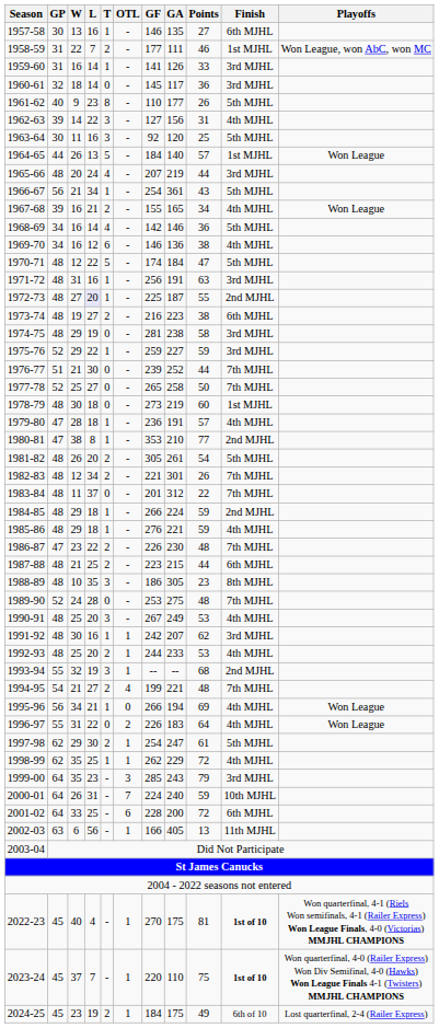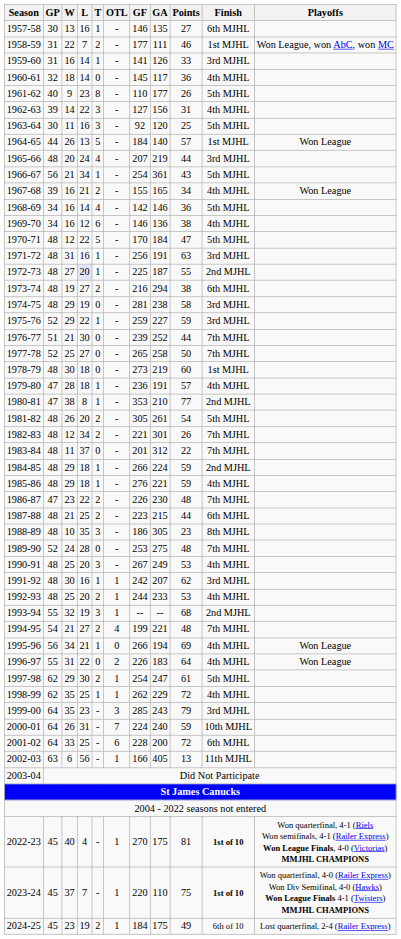 <table class="wikitable" style="text-align:center">
 <tr>
 <th>Season</th>
 <th>GP</th>
 <th>W</th>
 <th>L</th>
 <th>T</th>
 <th>OTL</th>
 <th>GF</th>
 <th>GA</th>
 <th>Points</th>
 <th>Finish</th>
 <th>Playoffs</th>
 </tr>
 <tr>
 <td>1957-58</td>
 <td>30</td>
 <td>13</td>
 <td>16</td>
 <td>1</td>
 <td>-</td>
 <td>146</td>
 <td>135</td>
 <td>27</td>
 <td>6th MJHL</td>
 <td></td>
 </tr>
 <tr>
 <td>1958-59</td>
 <td>31</td>
 <td>22</td>
 <td>7</td>
 <td>2</td>
 <td>-</td>
 <td>177</td>
 <td>111</td>
 <td>46</td>
 <td>1st MJHL</td>
 <td>Won League, won <a href='#'>AbC</a>, won <a href='#'>MC</a></td>
 </tr>
 <tr>
 <td>1959-60</td>
 <td>31</td>
 <td>16</td>
 <td>14</td>
 <td>1</td>
 <td>-</td>
 <td>141</td>
 <td>126</td>
 <td>33</td>
 <td>3rd MJHL</td>
 <td></td>
 </tr>
 <tr>
 <td>1960-61</td>
 <td>32</td>
 <td>18</td>
 <td>14</td>
 <td>0</td>
 <td>-</td>
 <td>145</td>
 <td>117</td>
 <td>36</td>
-<td>3rd MJHL</td>
+<td>4th MJHL</td>
 <td></td>
 </tr>
 <tr>
 <td>1961-62</td>
 <td>40</td>
 <td>9</td>
 <td>23</td>
 <td>8</td>
 <td>-</td>
 <td>110</td>
 <td>177</td>
 <td>26</td>
 <td>5th MJHL</td>
 <td></td>
 </tr>
 <tr>
 <td>1962-63</td>
 <td>39</td>
 <td>14</td>
 <td>22</td>
 <td>3</td>
 <td>-</td>
 <td>127</td>
 <td>156</td>
 <td>31</td>
 <td>4th MJHL</td>
 <td></td>
 </tr>
 <tr>
 <td>1963-64</td>
 <td>30</td>
 <td>11</td>
 <td>16</td>
 <td>3</td>
 <td>-</td>
 <td>92</td>
 <td>120</td>
 <td>25</td>
 <td>5th MJHL</td>
 <td></td>
 </tr>
 <tr>
 <td>1964-65</td>
 <td>44</td>
 <td>26</td>
 <td>13</td>
 <td>5</td>
 <td>-</td>
 <td>184</td>
 <td>140</td>
 <td>57</td>
 <td>1st MJHL</td>
 <td>Won League</td>
 </tr>
 <tr>
 <td>1965-66</td>
 <td>48</td>
 <td>20</td>
 <td>24</td>
 <td>4</td>
 <td>-</td>
 <td>207</td>
 <td>219</td>
 <td>44</td>
 <td>3rd MJHL</td>
 <td></td>
 </tr>
 <tr>
 <td>1966-67</td>
 <td>56</td>
 <td>21</td>
 <td>34</td>
 <td>1</td>
 <td>-</td>
 <td>254</td>
 <td>361</td>
 <td>43</td>
 <td>5th MJHL</td>
 <td></td>
 </tr>
 <tr>
 <td>1967-68</td>
 <td>39</td>
 <td>16</td>
 <td>21</td>
 <td>2</td>
 <td>-</td>
 <td>155</td>
 <td>165</td>
 <td>34</td>
 <td>4th MJHL</td>
 <td>Won League</td>
 </tr>
 <tr>
 <td>1968-69</td>
 <td>34</td>
 <td>16</td>
 <td>14</td>
 <td>4</td>
 <td>-</td>
 <td>142</td>
 <td>146</td>
 <td>36</td>
 <td>5th MJHL</td>
 <td></td>
 </tr>
 <tr>
 <td>1969-70</td>
 <td>34</td>
 <td>16</td>
 <td>12</td>
 <td>6</td>
 <td>-</td>
 <td>146</td>
 <td>136</td>
 <td>38</td>
 <td>4th MJHL</td>
 <td></td>
 </tr>
 <tr>
 <td>1970-71</td>
 <td>48</td>
 <td>12</td>
 <td>22</td>
 <td>5</td>
 <td>-</td>
-<td>174</td>
+<td>170</td>
 <td>184</td>
 <td>47</td>
 <td>5th MJHL</td>
 <td></td>
 </tr>
 <tr>
 <td>1971-72</td>
 <td>48</td>
 <td>31</td>
 <td>16</td>
 <td>1</td>
 <td>-</td>
 <td>256</td>
 <td>191</td>
 <td>63</td>
 <td>3rd MJHL</td>
 <td></td>
 </tr>
 <tr>
 <td>1972-73</td>
 <td>48</td>
 <td>27</td>
 <td style="background: lavender;">20</td>
 <td>1</td>
 <td>-</td>
 <td>225</td>
 <td>187</td>
 <td>55</td>
 <td>2nd MJHL</td>
 <td></td>
 </tr>
 <tr>
 <td>1973-74</td>
 <td>48</td>
 <td>19</td>
 <td>27</td>
 <td>2</td>
 <td>-</td>
 <td>216</td>
-<td>223</td>
+<td>294</td>
 <td>38</td>
 <td>6th MJHL</td>
 <td></td>
 </tr>
 <tr>
 <td>1974-75</td>
 <td>48</td>
 <td>29</td>
 <td>19</td>
 <td>0</td>
 <td>-</td>
 <td>281</td>
 <td>238</td>
 <td>58</td>
 <td>3rd MJHL</td>
 <td></td>
 </tr>
 <tr>
 <td>1975-76</td>
 <td>52</td>
 <td>29</td>
 <td>22</td>
 <td>1</td>
 <td>-</td>
 <td>259</td>
 <td>227</td>
 <td>59</td>
 <td>3rd MJHL</td>
 <td></td>
 </tr>
 <tr>
 <td>1976-77</td>
 <td>51</td>
 <td>21</td>
 <td>30</td>
 <td>0</td>
 <td>-</td>
 <td>239</td>
 <td>252</td>
 <td>44</td>
 <td>7th MJHL</td>
 <td></td>
 </tr>
 <tr>
 <td>1977-78</td>
 <td>52</td>
 <td>25</td>
 <td>27</td>
 <td>0</td>
 <td>-</td>
 <td>265</td>
 <td>258</td>
 <td>50</td>
 <td>7th MJHL</td>
 <td></td>
 </tr>
 <tr>
 <td>1978-79</td>
 <td>48</td>
 <td>30</td>
 <td>18</td>
 <td>0</td>
 <td>-</td>
 <td>273</td>
 <td>219</td>
 <td>60</td>
 <td>1st MJHL</td>
 <td></td>
 </tr>
 <tr>
 <td>1979-80</td>
 <td>47</td>
 <td>28</td>
 <td>18</td>
 <td>1</td>
 <td>-</td>
 <td>236</td>
 <td>191</td>
 <td>57</td>
 <td>4th MJHL</td>
 <td></td>
 </tr>
 <tr>
 <td>1980-81</td>
 <td>47</td>
 <td>38</td>
 <td>8</td>
 <td>1</td>
 <td>-</td>
 <td>353</td>
 <td>210</td>
 <td>77</td>
 <td>2nd MJHL</td>
 <td></td>
 </tr>
 <tr>
 <td>1981-82</td>
 <td>48</td>
 <td>26</td>
 <td>20</td>
 <td>2</td>
 <td>-</td>
 <td>305</td>
 <td>261</td>
 <td>54</td>
 <td>5th MJHL</td>
 <td></td>
 </tr>
 <tr>
 <td>1982-83</td>
 <td>48</td>
 <td>12</td>
 <td>34</td>
 <td>2</td>
 <td>-</td>
 <td>221</td>
 <td>301</td>
 <td>26</td>
 <td>7th MJHL</td>
 <td></td>
 </tr>
 <tr>
 <td>1983-84</td>
 <td>48</td>
 <td>11</td>
 <td>37</td>
 <td>0</td>
 <td>-</td>
 <td>201</td>
 <td>312</td>
 <td>22</td>
 <td>7th MJHL</td>
 <td></td>
 </tr>
 <tr>
 <td>1984-85</td>
 <td>48</td>
 <td>29</td>
 <td>18</td>
 <td>1</td>
 <td>-</td>
 <td>266</td>
 <td>224</td>
 <td>59</td>
 <td>2nd MJHL</td>
 <td></td>
 </tr>
 <tr>
 <td>1985-86</td>
 <td>48</td>
 <td>29</td>
 <td>18</td>
 <td>1</td>
 <td>-</td>
 <td>276</td>
 <td>221</td>
 <td>59</td>
 <td>4th MJHL</td>
 <td></td>
 </tr>
 <tr>
 <td>1986-87</td>
 <td>47</td>
 <td>23</td>
 <td>22</td>
 <td>2</td>
 <td>-</td>
 <td>226</td>
 <td>230</td>
 <td>48</td>
 <td>7th MJHL</td>
 <td></td>
 </tr>
 <tr>
 <td>1987-88</td>
 <td>48</td>
 <td>21</td>
 <td>25</td>
 <td>2</td>
 <td>-</td>
 <td>223</td>
 <td>215</td>
 <td>44</td>
 <td>6th MJHL</td>
 <td></td>
 </tr>
 <tr>
 <td>1988-89</td>
 <td>48</td>
 <td>10</td>
 <td>35</td>
 <td>3</td>
 <td>-</td>
 <td>186</td>
 <td>305</td>
 <td>23</td>
 <td>8th MJHL</td>
 <td></td>
 </tr>
 <tr>
 <td>1989-90</td>
 <td>52</td>
 <td>24</td>
 <td>28</td>
 <td>0</td>
 <td>-</td>
 <td>253</td>
 <td>275</td>
 <td>48</td>
 <td>7th MJHL</td>
 <td></td>
 </tr>
 <tr>
 <td>1990-91</td>
 <td>48</td>
 <td>25</td>
 <td>20</td>
 <td>3</td>
 <td>-</td>
 <td>267</td>
 <td>249</td>
 <td>53</td>
 <td>4th MJHL</td>
 <td></td>
 </tr>
 <tr>
 <td>1991-92</td>
 <td>48</td>
 <td>30</td>
 <td>16</td>
 <td>1</td>
 <td>1</td>
 <td>242</td>
 <td>207</td>
 <td>62</td>
 <td>3rd MJHL</td>
 <td></td>
 </tr>
 <tr>
 <td>1992-93</td>
 <td>48</td>
 <td>25</td>
 <td>20</td>
 <td>2</td>
 <td>1</td>
 <td>244</td>
 <td>233</td>
 <td>53</td>
 <td>4th MJHL</td>
 <td></td>
 </tr>
 <tr>
 <td>1993-94</td>
 <td>55</td>
 <td>32</td>
 <td>19</td>
 <td>3</td>
 <td>1</td>
 <td>--</td>
 <td>--</td>
 <td>68</td>
 <td>2nd MJHL</td>
 <td></td>
 </tr>
 <tr>
 <td>1994-95</td>
 <td>54</td>
 <td>21</td>
 <td>27</td>
 <td>2</td>
 <td>4</td>
 <td>199</td>
 <td>221</td>
 <td>48</td>
 <td>7th MJHL</td>
 <td></td>
 </tr>
 <tr>
 <td>1995-96</td>
 <td>56</td>
 <td>34</td>
 <td>21</td>
 <td>1</td>
 <td>0</td>
 <td>266</td>
 <td>194</td>
 <td>69</td>
 <td>4th MJHL</td>
 <td>Won League</td>
 </tr>
 <tr>
 <td>1996-97</td>
 <td>55</td>
 <td>31</td>
 <td>22</td>
 <td>0</td>
 <td>2</td>
 <td>226</td>
 <td>183</td>
 <td>64</td>
 <td>4th MJHL</td>
 <td>Won League</td>
 </tr>
 <tr>
 <td>1997-98</td>
 <td>62</td>
 <td>29</td>
 <td>30</td>
 <td>2</td>
 <td>1</td>
 <td>254</td>
 <td>247</td>
 <td>61</td>
 <td>5th MJHL</td>
 <td></td>
 </tr>
 <tr>
 <td>1998-99</td>
 <td>62</td>
 <td>35</td>
 <td>25</td>
 <td>1</td>
 <td>1</td>
 <td>262</td>
 <td>229</td>
 <td>72</td>
 <td>4th MJHL</td>
 <td></td>
 </tr>
 <tr>
 <td>1999-00</td>
 <td>64</td>
 <td>35</td>
 <td>23</td>
 <td>-</td>
 <td>3</td>
 <td>285</td>
 <td>243</td>
 <td>79</td>
 <td>3rd MJHL</td>
 <td></td>
 </tr>
 <tr>
 <td>2000-01</td>
 <td>64</td>
 <td>26</td>
 <td>31</td>
 <td>-</td>
 <td>7</td>
 <td>224</td>
 <td>240</td>
 <td>59</td>
 <td>10th MJHL</td>
 <td></td>
 </tr>
 <tr>
 <td>2001-02</td>
 <td>64</td>
 <td>33</td>
 <td>25</td>
 <td>-</td>
 <td>6</td>
 <td>228</td>
 <td>200</td>
 <td>72</td>
 <td>6th MJHL</td>
 <td></td>
 </tr>
 <tr>
 <td>2002-03</td>
 <td>63</td>
 <td>6</td>
 <td>56</td>
 <td>-</td>
 <td>1</td>
 <td>166</td>
 <td>405</td>
 <td>13</td>
 <td>11th MJHL</td>
 <td></td>
 </tr>
 <tr>
 <td>2003-04</td>
 <td colspan="11">Did Not Participate</td>
 </tr>
 <tr align="center" bgcolor="blue" style="color:white">
 <td colspan=11><strong>St James Canucks</strong></td>
 </tr>
 <tr>
 <td colspan=11>2004 - 2022 seasons not entered</td>
 </tr>
 <tr>
 <td>2022-23</td>
 <td>45</td>
 <td>40</td>
 <td>4</td>
 <td>-</td>
 <td>1</td>
 <td>270</td>
 <td>175</td>
 <td>81</td>
 <td><small><strong>1st of 10</strong></small></td>
 <td><small>Won quarterfinal, 4-1 (<a href='#'>Riels</a><br>Won semifinals, 4-1 (<a href='#'>Railer Express</a>)<br><strong>Won League Finals</strong>, 4-0 (<a href='#'>Victorias</a>)<br><strong>MMJHL CHAMPIONS</strong></small></td>
 </tr>
 <tr>
 <td>2023-24</td>
 <td>45</td>
 <td>37</td>
 <td>7</td>
 <td>-</td>
 <td>1</td>
 <td>220</td>
 <td>110</td>
 <td>75</td>
 <td><small><strong>1st of 10</strong></small></td>
 <td><small>Won quarterfinal, 4-0 (<a href='#'>Railer Express</a>)<br>Won Div Semifinal, 4-0 (<a href='#'>Hawks</a>)<br><strong>Won League Finals</strong> 4-1 (<a href='#'>Twisters</a>)<br><strong>MMJHL CHAMPIONS</strong></small></td>
 </tr>
 <tr>
 <td>2024-25</td>
 <td>45</td>
 <td>23</td>
 <td>19</td>
 <td>2</td>
 <td>1</td>
 <td>184</td>
 <td>175</td>
 <td>49</td>
 <td><small>6th of 10</small></td>
 <td><small>Lost quarterfinal, 2-4 (<a href='#'>Railer Express</a>)</small></td>
 </tr>
 </table>
